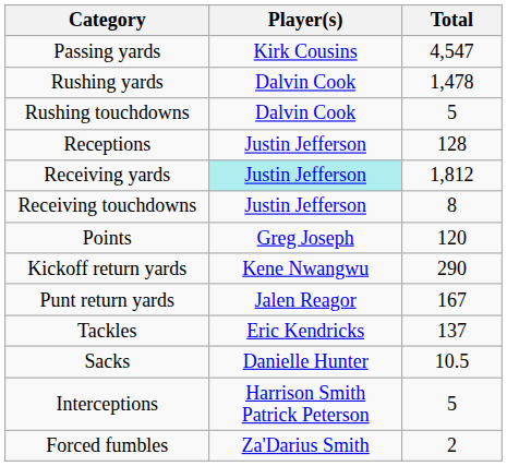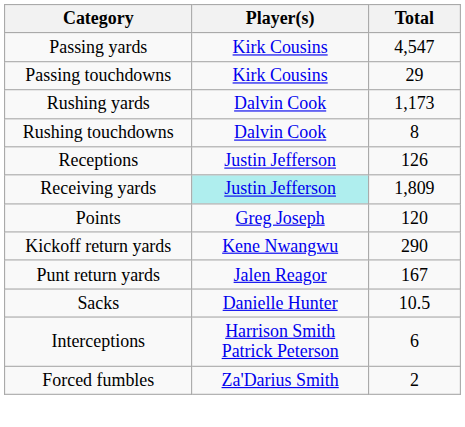 <table class="wikitable" style="text-align:center">
 <tr>
 <th width="160">Category</th>
 <th width="150">Player(s)</th>
 <th width="75">Total</th>
 </tr>
 <tr>
 <td>Passing yards</td>
 <td><a href='#'>Kirk Cousins</a></td>
 <td>4,547</td>
 </tr>
 <tr>
+<td>Passing touchdowns</td>
+<td><a href='#'>Kirk Cousins</a></td>
+<td>29</td>
+</tr>
+<tr>
 <td>Rushing yards</td>
 <td><a href='#'>Dalvin Cook</a></td>
-<td>1,478</td>
+<td>1,173</td>
 </tr>
 <tr>
 <td>Rushing touchdowns</td>
 <td><a href='#'>Dalvin Cook</a></td>
-<td>5</td>
+<td>8</td>
 </tr>
 <tr>
 <td>Receptions</td>
 <td><a href='#'>Justin Jefferson</a></td>
-<td>128</td>
+<td>126</td>
 </tr>
 <tr>
 <td>Receiving yards</td>
 <td style="background: paleturquoise;"><a href='#'>Justin Jefferson</a></td>
-<td>1,812</td>
-</tr>
-<tr>
-<td>Receiving touchdowns</td>
-<td><a href='#'>Justin Jefferson</a></td>
-<td>8</td>
+<td>1,809</td>
 </tr>
 <tr>
 <td>Points</td>
 <td><a href='#'>Greg Joseph</a></td>
 <td>120</td>
 </tr>
 <tr>
 <td>Kickoff return yards</td>
 <td><a href='#'>Kene Nwangwu</a></td>
 <td>290</td>
 </tr>
 <tr>
 <td>Punt return yards</td>
 <td><a href='#'>Jalen Reagor</a></td>
 <td>167</td>
 </tr>
 <tr>
-<td>Tackles</td>
-<td><a href='#'>Eric Kendricks</a></td>
-<td>137</td>
-</tr>
-<tr>
 <td>Sacks</td>
 <td><a href='#'>Danielle Hunter</a></td>
 <td>10.5</td>
 </tr>
 <tr>
 <td>Interceptions</td>
 <td><a href='#'>Harrison Smith</a><br> <a href='#'>Patrick Peterson</a></td>
-<td>5</td>
+<td>6</td>
 </tr>
 <tr>
 <td>Forced fumbles</td>
 <td><a href='#'>Za'Darius Smith</a></td>
 <td>2</td>
 </tr>
 </table>
